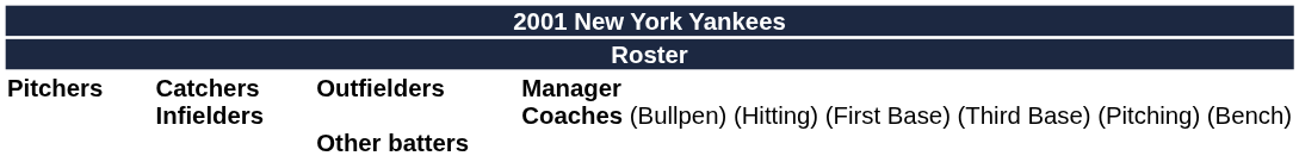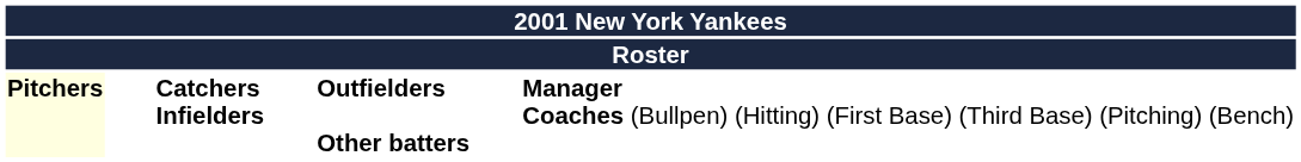 <table class="toccolours" style="font-size: 95%;">
 <tr>
 <th colspan="10" style="background:#1c2841; color:white; text-align:center;">2001 New York Yankees</th>
 </tr>
 <tr>
 <td colspan="10" style="background:#1c2841; color:white; text-align:center;"><strong>Roster</strong></td>
 </tr>
 <tr>
-<td valign="top"><strong>Pitchers</strong><br>                   </td>
+<td valign="top" style="background: lightyellow;"><strong>Pitchers</strong><br>                   </td>
 <td style="width:25px;"></td>
 <td valign="top"><strong>Catchers</strong><br>    <strong>Infielders</strong>         </td>
 <td style="width:25px;"></td>
 <td valign="top"><strong>Outfielders</strong><br>         <br>  <strong>Other batters</strong>  </td>
 <td style="width:25px;"></td>
 <td valign="top"><strong>Manager</strong><br> <strong>Coaches</strong>  (Bullpen)  (Hitting)  (First Base)  (Third Base)  (Pitching)  (Bench)</td>
 </tr>
 </table>
